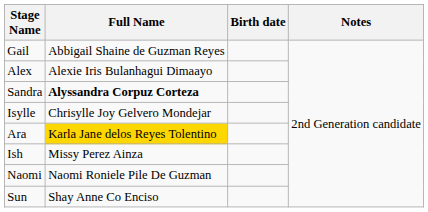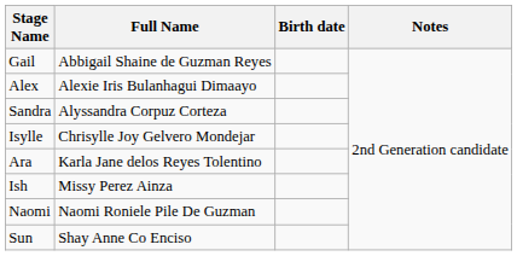 <table class="wikitable sortable" style="font-size:95%;">
 <tr>
 <th>Stage<br>Name</th>
 <th>Full Name</th>
 <th>Birth date</th>
 <th>Notes</th>
 </tr>
 <tr>
 <td>Gail</td>
 <td>Abbigail Shaine de Guzman Reyes</td>
 <td style="text-align:left;"></td>
 <td rowspan="8" style="text-align:center;">2nd Generation candidate</td>
 </tr>
 <tr>
 <td>Alex</td>
 <td>Alexie Iris Bulanhagui Dimaayo</td>
 <td style="text-align:left;"></td>
 </tr>
 <tr>
 <td>Sandra</td>
-<td><strong>Alyssandra Corpuz Corteza</strong></td>
+<td>Alyssandra Corpuz Corteza</td>
 <td style="text-align:left;"></td>
 </tr>
 <tr>
 <td>Isylle</td>
 <td>Chrisylle Joy Gelvero Mondejar</td>
 <td style="text-align:left;"></td>
 </tr>
 <tr>
 <td>Ara</td>
-<td style="background: gold;">Karla Jane delos Reyes Tolentino</td>
+<td>Karla Jane delos Reyes Tolentino</td>
 <td style="text-align:left;"></td>
 </tr>
 <tr>
 <td>Ish</td>
 <td>Missy Perez Ainza</td>
 <td style="text-align:left;"></td>
 </tr>
 <tr>
 <td>Naomi</td>
 <td>Naomi Roniele Pile De Guzman</td>
 <td style="text-align:left;"></td>
 </tr>
 <tr>
 <td>Sun</td>
 <td>Shay Anne Co Enciso</td>
 <td style="text-align:left;"></td>
 </tr>
 </table>
